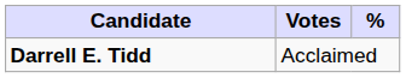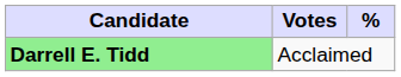 <table class="wikitable">
 <tr>
 <th style="background:#ddf; width:200px;">Candidate</th>
 <th style="background:#ddf; width:50px;">Votes</th>
 <th style="background:#ddf; width:30px;">%</th>
 </tr>
 <tr>
-<td><strong>Darrell E. Tidd</strong></td>
+<td style="background: lightgreen;"><strong>Darrell E. Tidd</strong></td>
 <td colspan="2">Acclaimed</td>
 </tr>
 </table>
